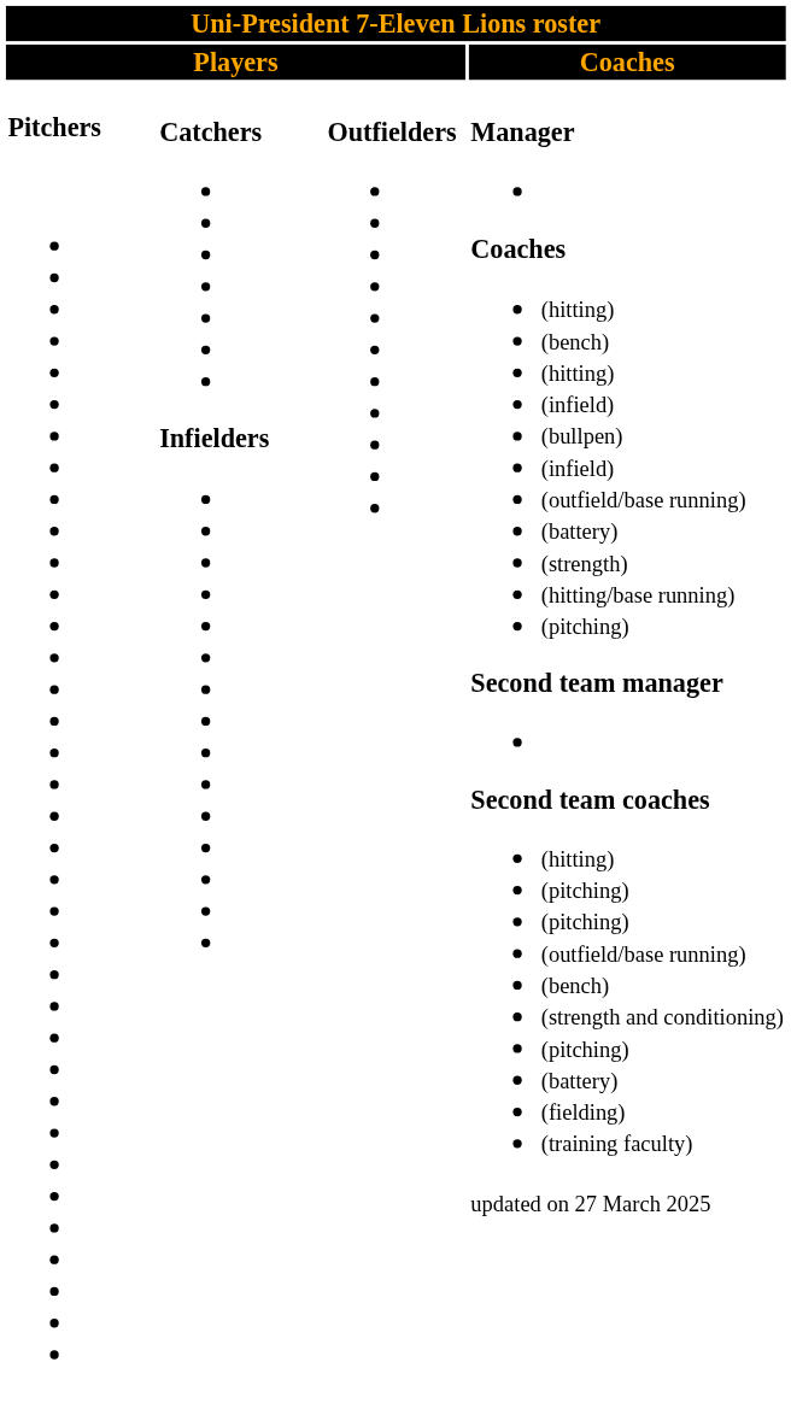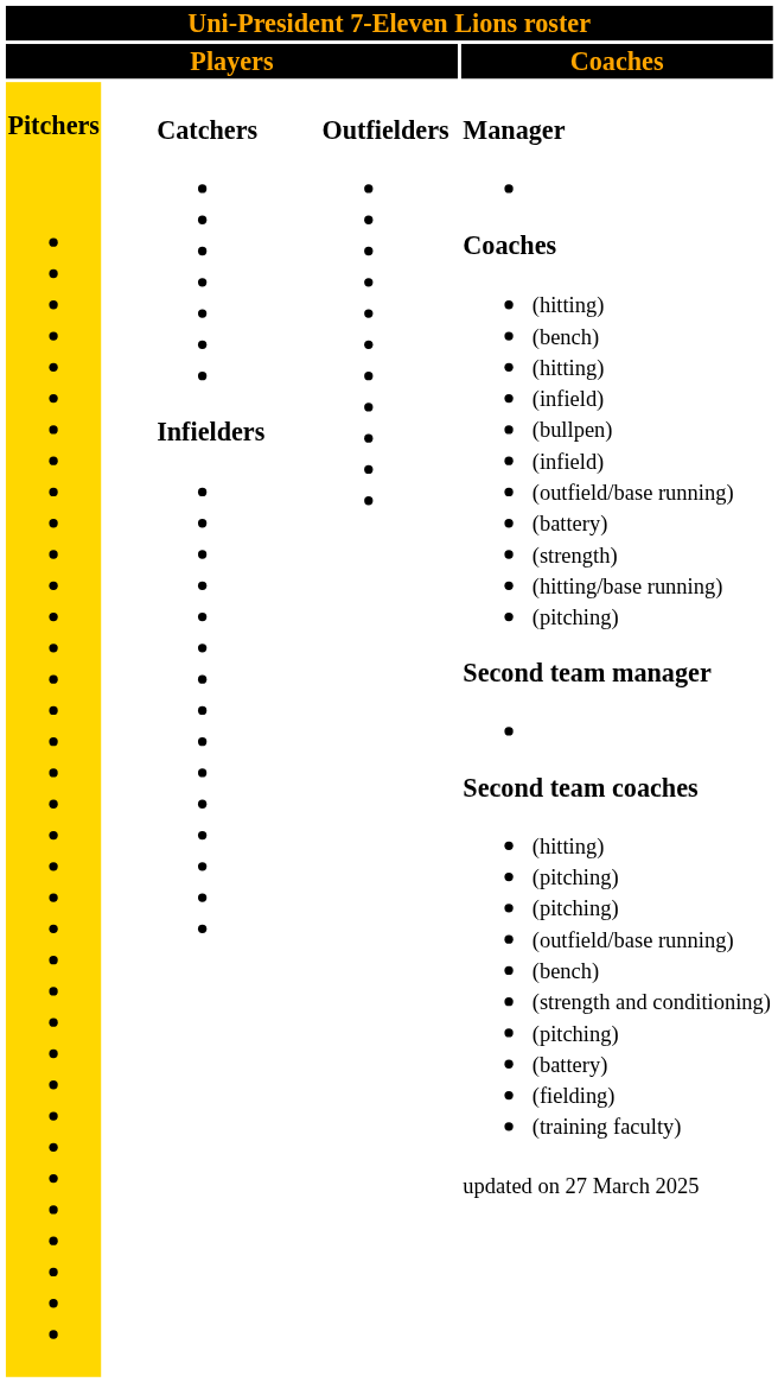 <table class="toccolours" style="font-size: 95%;">
 <tr>
 <th colspan="10" style="background-color: #000000; color: orange">Uni-President 7-Eleven Lions roster</th>
 </tr>
 <tr>
 <th colspan="6" style="background-color: #000000; color: orange">Players</th>
 <th colspan="3" style="background-color: #000000; color: orange">Coaches</th>
 </tr>
 <tr>
-<td style="vertical-align:top;text-align:left;"><p><strong>Pitchers</strong></p><br><ul><li></li><li></li><li></li><li></li><li></li><li></li><li></li><li></li><li></li><li></li><li></li><li></li><li></li><li></li><li></li><li></li><li></li><li></li><li></li><li></li><li></li><li></li><li></li><li></li><li></li><li></li><li></li><li></li><li></li><li></li><li></li><li></li><li></li><li></li><li></li><li></li></ul></td>
+<td style="background: gold; vertical-align:top;text-align:left;"><p><strong>Pitchers</strong></p><br><ul><li></li><li></li><li></li><li></li><li></li><li></li><li></li><li></li><li></li><li></li><li></li><li></li><li></li><li></li><li></li><li></li><li></li><li></li><li></li><li></li><li></li><li></li><li></li><li></li><li></li><li></li><li></li><li></li><li></li><li></li><li></li><li></li><li></li><li></li><li></li><li></li></ul></td>
 <td width="25px"></td>
 <td style="vertical-align:top;text-align:left;"><br><strong>Catchers</strong><ul><li></li><li></li><li></li><li></li><li></li><li></li><li></li></ul><strong>Infielders</strong><ul><li></li><li></li><li></li><li></li><li></li><li></li><li></li><li></li><li></li><li></li><li></li><li></li><li></li><li></li><li></li></ul></td>
 <td width="25px"></td>
 <td style="vertical-align:top;text-align:left;"><br><strong>Outfielders</strong><ul><li></li><li></li><li></li><li></li><li></li><li></li><li></li><li></li><li></li><li></li><li></li></ul></td>
 <td style="vertical-align:top;text-align:left;"></td>
 <td style="vertical-align:top;text-align:left;"><br><strong>Manager</strong><ul><li></li></ul><strong>Coaches</strong><ul><li> <small>(hitting)</small></li><li> <small>(bench)</small></li><li> <small>(hitting)</small></li><li> <small>(infield)</small></li><li> <small>(bullpen)</small></li><li> <small>(infield)</small></li><li> <small>(outfield/base running)</small></li><li> <small>(battery)</small></li><li> <small>(strength)</small></li><li> <small>(hitting/base running)</small></li><li> <small>(pitching)</small></li></ul><strong>Second team manager</strong><ul><li></li></ul><strong>Second team coaches</strong><ul><li> <small>(hitting)</small></li><li> <small>(pitching)</small></li><li> <small>(pitching)</small></li><li>  <small>(outfield/base running)</small></li><li> <small>(bench)</small></li><li> <small>(strength and conditioning)</small></li><li> <small>(pitching)</small></li><li> <small>(battery)</small></li><li> <small>(fielding)</small></li><li> <small>(training faculty)</small></li></ul><small> <span></span> updated on 27 March 2025</small></td>
 </tr>
 </table>
